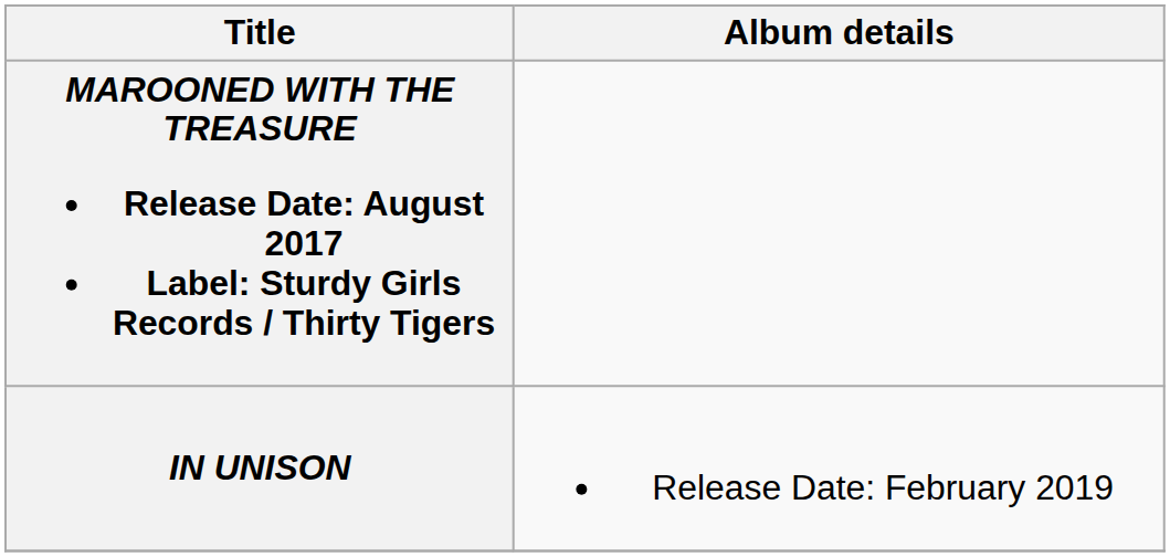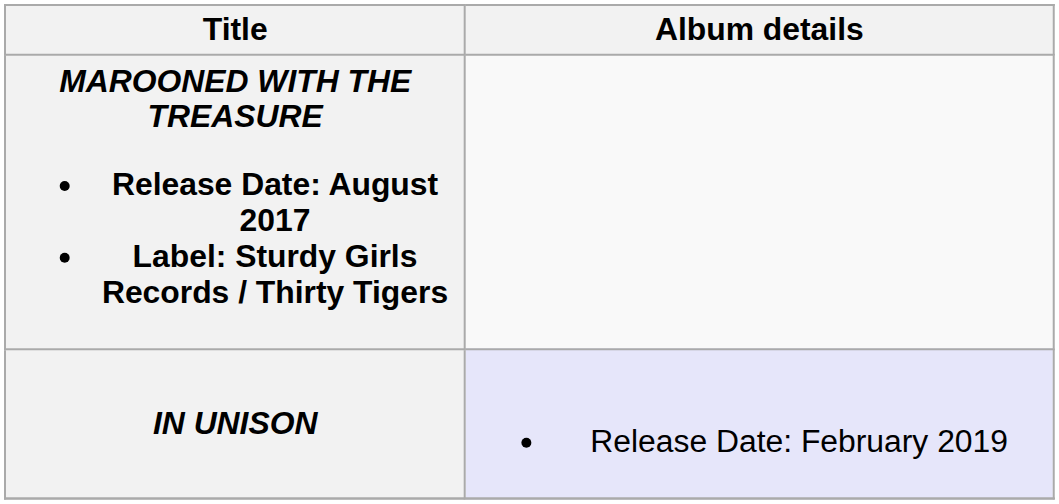 <table class="wikitable plainrowheaders" style="text-align:center;">
 <tr>
 <th scope="col" style="width:14em;">Title</th>
 <th scope="col" style="width:18em;">Album details</th>
 </tr>
 <tr>
 <th scope="row"><em>MAROONED WITH THE TREASURE</em><br><ul><li>Release Date: August 2017</li><li>Label: Sturdy Girls Records / Thirty Tigers</li></ul></th>
 </tr>
 <tr>
 <th scope="row"><em>IN UNISON</em></th>
-<td><br><ul><li>Release Date: February 2019 </li></ul></td>
+<td style="background: lavender;"><br><ul><li>Release Date: February 2019 </li></ul></td>
 </tr>
 <tr>
 </tr>
 </table>
